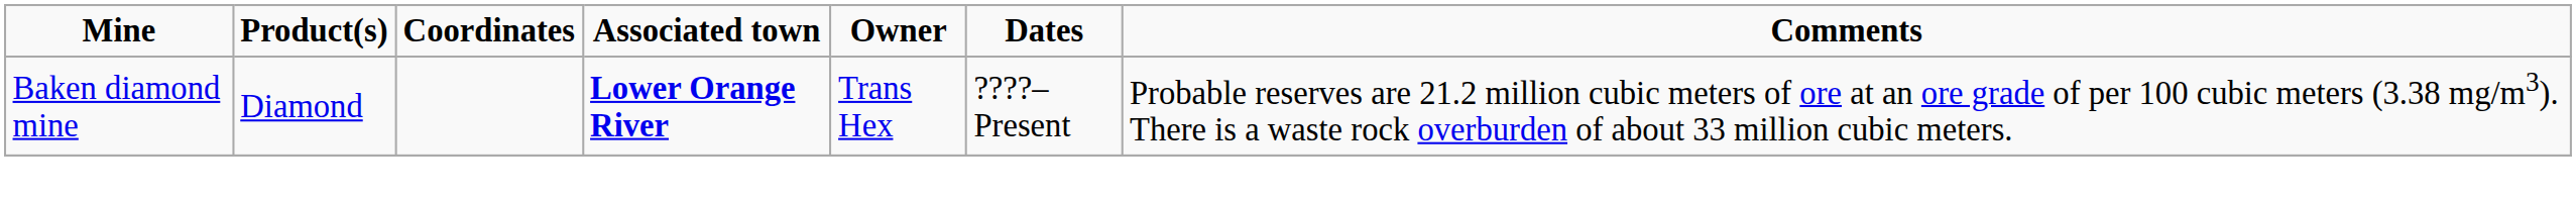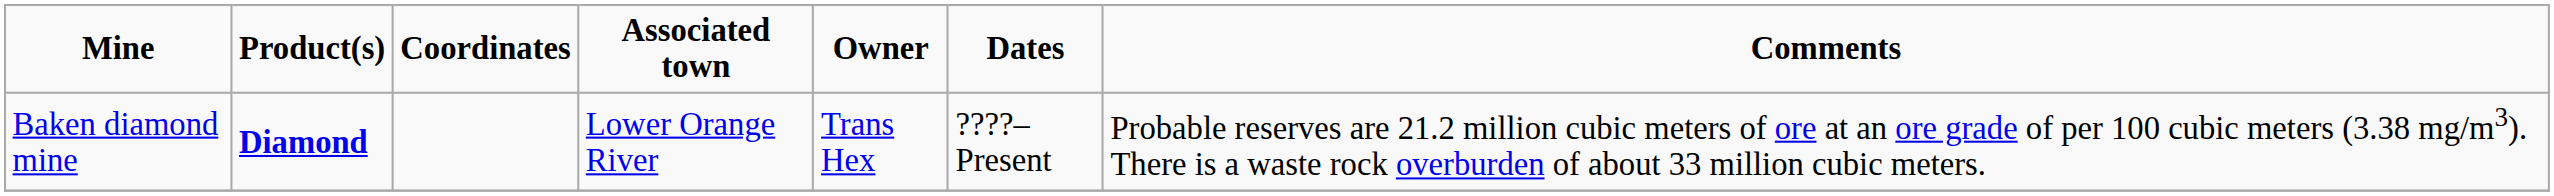 <table class="sortable wikitable">
 <tr align="center">
 <td><strong>Mine</strong></td>
 <td><strong>Product(s)</strong></td>
 <td><strong>Coordinates</strong></td>
 <td><strong>Associated town</strong></td>
 <td><strong>Owner</strong></td>
 <td><strong>Dates</strong></td>
 <td><strong>Comments</strong></td>
 </tr>
 <tr>
 <td><a href='#'>Baken diamond mine</a></td>
-<td><a href='#'>Diamond</a></td>
+<td><strong><a href='#'>Diamond</a></strong></td>
 <td></td>
-<td><strong><a href='#'>Lower Orange River</a></strong></td>
+<td><a href='#'>Lower Orange River</a></td>
 <td><a href='#'>Trans Hex</a></td>
 <td>????–Present</td>
 <td>Probable reserves are 21.2 million cubic meters of <a href='#'>ore</a> at an <a href='#'>ore grade</a> of  per 100 cubic meters (3.38 mg/m<sup>3</sup>). There is a waste rock <a href='#'>overburden</a> of about 33 million cubic meters.</td>
 </tr>
 <tr>
 </tr>
 </table>
